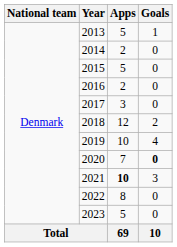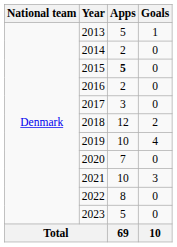 <table class=wikitable style=text-align:center>
 <tr>
 <th>National team</th>
 <th>Year</th>
 <th>Apps</th>
 <th>Goals</th>
 </tr>
 <tr>
 <td rowspan=11><a href='#'>Denmark</a></td>
 <td>2013</td>
 <td>5</td>
 <td>1</td>
 </tr>
 <tr>
 <td>2014</td>
 <td>2</td>
 <td>0</td>
 </tr>
 <tr>
 <td>2015</td>
-<td>5</td>
+<td><strong>5</strong></td>
 <td>0</td>
 </tr>
 <tr>
 <td>2016</td>
 <td>2</td>
 <td>0</td>
 </tr>
 <tr>
 <td>2017</td>
 <td>3</td>
 <td>0</td>
 </tr>
 <tr>
 <td>2018</td>
 <td>12</td>
 <td>2</td>
 </tr>
 <tr>
 <td>2019</td>
 <td>10</td>
 <td>4</td>
 </tr>
 <tr>
 <td>2020</td>
 <td>7</td>
-<td><strong>0</strong></td>
+<td>0</td>
 </tr>
 <tr>
 <td>2021</td>
-<td><strong>10</strong></td>
+<td>10</td>
 <td>3</td>
 </tr>
 <tr>
 <td>2022</td>
 <td>8</td>
 <td>0</td>
 </tr>
 <tr>
 <td>2023</td>
 <td>5</td>
 <td>0</td>
 </tr>
 <tr>
 <th colspan=2>Total</th>
 <th>69</th>
 <th>10</th>
 </tr>
 </table>
